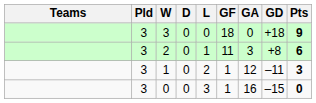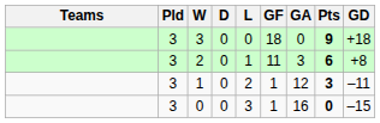 <table class="wikitable" style="text-align: center;">
 <tr>
 <th width=165>Teams</th>
 <th width=20>Pld</th>
 <th width=20>W</th>
 <th width=20>D</th>
 <th width=20>L</th>
 <th width=20>GF</th>
 <th width=20>GA</th>
+<th width=20>Pts</th>
 <th width=20>GD</th>
-<th width=20>Pts</th>
 </tr>
 <tr align=center style="background:#ccffcc;">
 <td style="text-align:left;"></td>
 <td>3</td>
 <td>3</td>
 <td>0</td>
 <td>0</td>
 <td>18</td>
 <td>0</td>
+<td><strong>9</strong></td>
 <td>+18</td>
-<td><strong>9</strong></td>
 </tr>
 <tr align=center style="background:#ccffcc;">
 <td style="text-align:left;"></td>
 <td>3</td>
 <td>2</td>
 <td>0</td>
 <td>1</td>
 <td>11</td>
 <td>3</td>
+<td><strong>6</strong></td>
 <td>+8</td>
-<td><strong>6</strong></td>
 </tr>
 <tr align=center>
 <td style="text-align:left;"></td>
 <td>3</td>
 <td>1</td>
 <td>0</td>
 <td>2</td>
 <td>1</td>
 <td>12</td>
+<td><strong>3</strong></td>
 <td>–11</td>
-<td><strong>3</strong></td>
 </tr>
 <tr align=center>
 <td style="text-align:left;"></td>
 <td>3</td>
 <td>0</td>
 <td>0</td>
 <td>3</td>
 <td>1</td>
 <td>16</td>
+<td><strong>0</strong></td>
 <td>–15</td>
-<td><strong>0</strong></td>
 </tr>
 </table>
